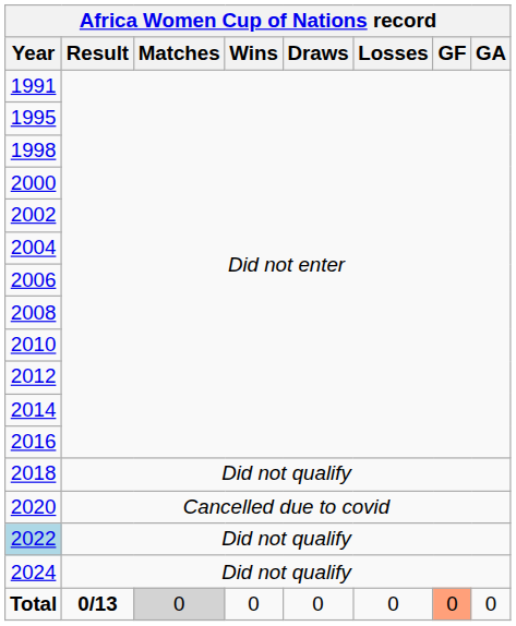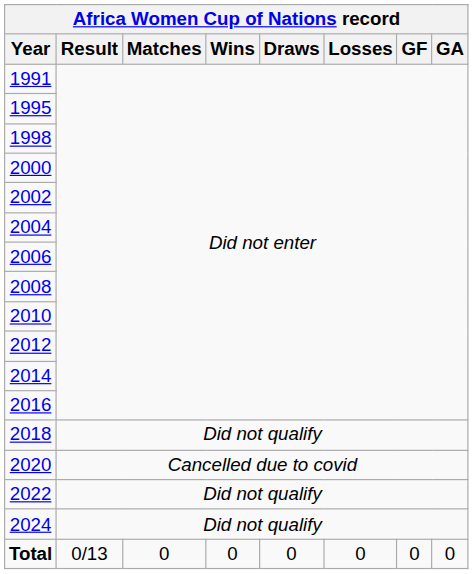 <table class="wikitable" style="text-align: center;">
 <tr>
 <th colspan=8><a href='#'>Africa Women Cup of Nations</a> record</th>
 </tr>
 <tr>
 <th>Year</th>
 <th>Result</th>
 <th>Matches</th>
 <th>Wins</th>
 <th>Draws</th>
 <th>Losses</th>
 <th>GF</th>
 <th>GA</th>
 </tr>
 <tr>
 <td><a href='#'>1991</a></td>
 <td colspan=8 rowspan=12><em>Did not enter</em></td>
 </tr>
 <tr>
 <td><a href='#'>1995</a></td>
 </tr>
 <tr>
 <td> <a href='#'>1998</a></td>
 </tr>
 <tr>
 <td> <a href='#'>2000</a></td>
 </tr>
 <tr>
 <td> <a href='#'>2002</a></td>
 </tr>
 <tr>
 <td> <a href='#'>2004</a></td>
 </tr>
 <tr>
 <td> <a href='#'>2006</a></td>
 </tr>
 <tr>
 <td> <a href='#'>2008</a></td>
 </tr>
 <tr>
 <td> <a href='#'>2010</a></td>
 </tr>
 <tr>
 <td> <a href='#'>2012</a></td>
 </tr>
 <tr>
 <td> <a href='#'>2014</a></td>
 </tr>
 <tr>
 <td> <a href='#'>2016</a></td>
 </tr>
 <tr>
 <td> <a href='#'>2018</a></td>
 <td colspan=8><em>Did not qualify</em></td>
 </tr>
 <tr>
 <td> <a href='#'>2020</a></td>
 <td colspan=8><em>Cancelled due to covid</em></td>
 </tr>
 <tr>
-<td style="background: lightblue;"> <a href='#'>2022</a></td>
+<td> <a href='#'>2022</a></td>
 <td colspan=8><em>Did not qualify</em></td>
 </tr>
 <tr>
 <td> <a href='#'>2024</a></td>
 <td colspan=8><em>Did not qualify</em></td>
 </tr>
 <tr>
 <td><strong>Total</strong></td>
-<td><strong>0/13</strong></td>
-<td style="background: lightgrey;">0</td>
+<td>0/13</td>
 <td>0</td>
 <td>0</td>
 <td>0</td>
-<td style="background: lightsalmon;">0</td>
+<td>0</td>
+<td>0</td>
 <td>0</td>
 </tr>
 </table>
